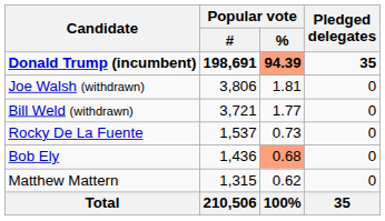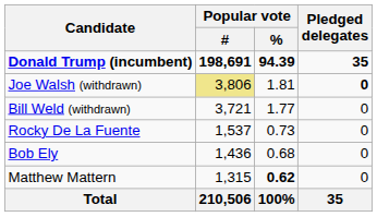 <table class="wikitable sortable" style="text-align:right;">
 <tr>
 <th rowspan="2">Candidate</th>
 <th colspan="2">Popular vote</th>
 <th rowspan="2">Pledged<br>delegates</th>
 </tr>
 <tr>
 <th>#</th>
 <th>%</th>
 </tr>
 <tr>
 <td style="text-align:left;" data-sort-name="Biden, Joe"><strong><a href='#'>Donald Trump</a></strong> <strong>(incumbent)</strong></td>
 <td><strong>198,691</strong></td>
-<td style="background: lightsalmon;"><strong>94.39</strong></td>
+<td><strong>94.39</strong></td>
 <td><strong>35</strong></td>
 </tr>
 <tr>
 <td style="text-align:left;" data-sort-name="Sanders, Bernie"><a href='#'>Joe Walsh</a> <small>(withdrawn)</small></td>
-<td>3,806</td>
+<td style="background: khaki;">3,806</td>
 <td>1.81</td>
-<td>0</td>
+<td><strong>0</strong></td>
 </tr>
 <tr>
 <td style="text-align:left;" data-sort-name="Bloomberg, Michael"><a href='#'>Bill Weld</a> <small>(withdrawn)</small></td>
 <td>3,721</td>
 <td>1.77</td>
 <td>0</td>
 </tr>
 <tr>
 <td style="text-align:left;" data-sort-name="Warren, Elizabeth"><a href='#'>Rocky De La Fuente</a></td>
 <td>1,537</td>
 <td>0.73</td>
 <td>0</td>
 </tr>
 <tr>
 <td style="text-align:left;" data-sort-name="Buttigieg, Pete"><a href='#'>Bob Ely</a></td>
 <td>1,436</td>
-<td style="background: lightsalmon;">0.68</td>
+<td>0.68</td>
 <td>0</td>
 </tr>
 <tr>
 <td style="text-align:left;" data-sort-name="Klobuchar, Amy">Matthew Mattern</td>
 <td>1,315</td>
-<td>0.62</td>
+<td><strong>0.62</strong></td>
 <td>0</td>
 </tr>
 <tr>
 <th>Total</th>
 <th>210,506</th>
 <th>100%</th>
 <th>35</th>
 </tr>
 </table>
